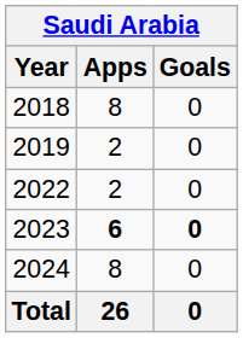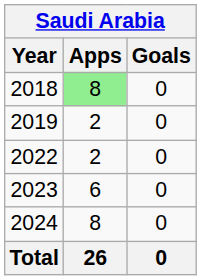 <table class="wikitable" style="text-align:center">
 <tr>
 <th colspan=3><a href='#'>Saudi Arabia</a></th>
 </tr>
 <tr>
 <th>Year</th>
 <th>Apps</th>
 <th>Goals</th>
 </tr>
 <tr>
 <td>2018</td>
-<td>8</td>
+<td style="background: lightgreen;">8</td>
 <td>0</td>
 </tr>
 <tr>
 <td>2019</td>
 <td>2</td>
 <td>0</td>
 </tr>
 <tr>
 <td>2022</td>
 <td>2</td>
 <td>0</td>
 </tr>
 <tr>
 <td>2023</td>
-<td><strong>6</strong></td>
-<td><strong>0</strong></td>
+<td>6</td>
+<td>0</td>
 </tr>
 <tr>
 <td>2024</td>
 <td>8</td>
 <td>0</td>
 </tr>
 <tr>
 <th>Total</th>
 <th>26</th>
 <th>0</th>
 </tr>
 </table>
